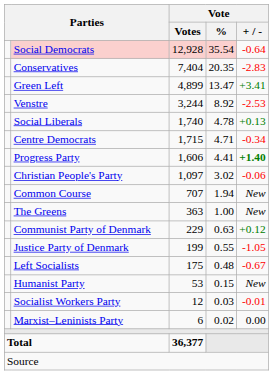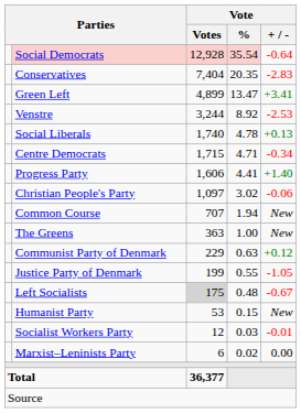 <table class="wikitable" style="text-align:right;">
 <tr>
 <th style="text-align:centre;" rowspan="2" colspan="2" width="225">Parties</th>
 <th colspan="3">Vote</th>
 </tr>
 <tr>
 <th width="15">Votes</th>
 <th width="15">%</th>
 <th width="15">+ / -</th>
 </tr>
 <tr>
 <td width="2" style="color:inherit;background:"></td>
 <td bgcolor=#fbd0ce  align="left"><a href='#'>Social Democrats</a></td>
 <td bgcolor=#fbd0ce>12,928</td>
 <td bgcolor=#fbd0ce>35.54</td>
 <td style=color:red;>-0.64</td>
 </tr>
 <tr>
 <td width="2" style="color:inherit;background:"></td>
 <td align="left"><a href='#'>Conservatives</a></td>
 <td>7,404</td>
 <td>20.35</td>
 <td style=color:red;>-2.83</td>
 </tr>
 <tr>
 <td width="2" style="color:inherit;background:"></td>
 <td align="left"><a href='#'>Green Left</a></td>
 <td>4,899</td>
 <td>13.47</td>
 <td style=color:green;>+3.41</td>
 </tr>
 <tr>
 <td width="2" style="color:inherit;background:"></td>
 <td align="left"><a href='#'>Venstre</a></td>
 <td>3,244</td>
 <td>8.92</td>
 <td style=color:red;>-2.53</td>
 </tr>
 <tr>
 <td width="2" style="color:inherit;background:"></td>
 <td align="left"><a href='#'>Social Liberals</a></td>
 <td>1,740</td>
 <td>4.78</td>
 <td style=color:green;>+0.13</td>
 </tr>
 <tr>
 <td width="2" style="color:inherit;background:"></td>
 <td align="left"><a href='#'>Centre Democrats</a></td>
 <td>1,715</td>
 <td>4.71</td>
 <td style=color:red;>-0.34</td>
 </tr>
 <tr>
 <td width="2" style="color:inherit;background:"></td>
 <td align="left"><a href='#'>Progress Party</a></td>
 <td>1,606</td>
 <td>4.41</td>
-<td style=color:green;><strong>+1.40</strong></td>
+<td style=color:green;>+1.40</td>
 </tr>
 <tr>
 <td width="2" style="color:inherit;background:"></td>
 <td align="left"><a href='#'>Christian People's Party</a></td>
 <td>1,097</td>
 <td>3.02</td>
 <td style=color:red;>-0.06</td>
 </tr>
 <tr>
 <td width="2" style="color:inherit;background:"></td>
 <td align="left"><a href='#'>Common Course</a></td>
 <td>707</td>
 <td>1.94</td>
 <td><em>New</em></td>
 </tr>
 <tr>
 <td width="2" style="color:inherit;background:"></td>
 <td align="left"><a href='#'>The Greens</a></td>
 <td>363</td>
 <td>1.00</td>
 <td><em>New</em></td>
 </tr>
 <tr>
 <td width="2" style="color:inherit;background:"></td>
 <td align="left"><a href='#'>Communist Party of Denmark</a></td>
 <td>229</td>
 <td>0.63</td>
 <td style=color:green;>+0.12</td>
 </tr>
 <tr>
 <td width="2" style="color:inherit;background:"></td>
 <td align="left"><a href='#'>Justice Party of Denmark</a></td>
 <td>199</td>
 <td>0.55</td>
 <td style=color:red;>-1.05</td>
 </tr>
 <tr>
 <td width="2" style="color:inherit;background:"></td>
 <td align="left"><a href='#'>Left Socialists</a></td>
-<td>175</td>
+<td style="background: lightgrey;">175</td>
 <td>0.48</td>
 <td style=color:red;>-0.67</td>
 </tr>
 <tr>
 <td width="2" style="color:inherit;background:"></td>
 <td align="left"><a href='#'>Humanist Party</a></td>
 <td>53</td>
 <td>0.15</td>
 <td><em>New</em></td>
 </tr>
 <tr>
 <td width="2" style="color:inherit;background:"></td>
 <td align="left"><a href='#'>Socialist Workers Party</a></td>
 <td>12</td>
 <td>0.03</td>
 <td style=color:red;>-0.01</td>
 </tr>
 <tr>
 <td width="2" style="color:inherit;background:"></td>
 <td align="left"><a href='#'>Marxist–Leninists Party</a></td>
 <td>6</td>
 <td>0.02</td>
 <td>0.00</td>
 </tr>
 <tr>
 <td colspan="7" bgcolor="#E9E9E9"></td>
 </tr>
 <tr>
 <td align="left" colspan="2"><strong>Total</strong></td>
 <td><strong>36,377</strong></td>
 <td bgcolor="#E9E9E9" colspan="2"></td>
 </tr>
 <tr>
 <td align="left" colspan="6">Source</td>
 </tr>
 </table>
